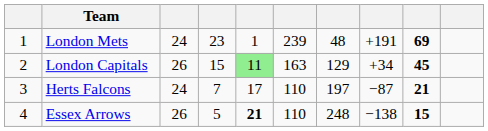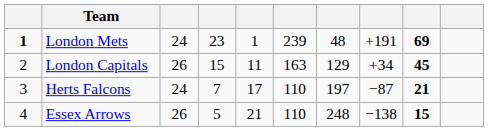 <table class="wikitable" width=500 style="text-align:center;">
 <tr>
 <th width="7%"></th>
 <th width="22%">Team</th>
 <th width="7%"></th>
 <th width="7%"></th>
 <th width="7%"></th>
 <th width="8%"></th>
 <th width="8%"></th>
 <th width="8%"></th>
 <th width="7%"></th>
 <th width="8%"></th>
 </tr>
 <tr>
-<td>1</td>
+<td><strong>1</strong></td>
 <td align=left><a href='#'>London Mets</a></td>
 <td>24</td>
 <td>23</td>
 <td>1</td>
 <td>239</td>
 <td>48</td>
 <td>+191</td>
 <td><strong>69</strong></td>
 <td></td>
 </tr>
 <tr>
 <td>2</td>
 <td align=left><a href='#'>London Capitals</a></td>
 <td>26</td>
 <td>15</td>
-<td style="background: lightgreen;">11</td>
+<td>11</td>
 <td>163</td>
 <td>129</td>
 <td>+34</td>
 <td><strong>45</strong></td>
 <td></td>
 </tr>
 <tr>
 <td>3</td>
 <td align=left><a href='#'>Herts Falcons</a></td>
 <td>24</td>
 <td>7</td>
 <td>17</td>
 <td>110</td>
 <td>197</td>
 <td>−87</td>
 <td><strong>21</strong></td>
 <td></td>
 </tr>
 <tr>
 <td>4</td>
 <td align=left><a href='#'>Essex Arrows</a></td>
 <td>26</td>
 <td>5</td>
-<td><strong>21</strong></td>
+<td>21</td>
 <td>110</td>
 <td>248</td>
 <td>−138</td>
 <td><strong>15</strong></td>
 <td></td>
 </tr>
 </table>
